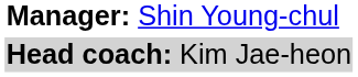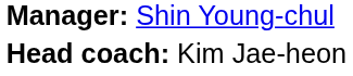 <table>
 <tr>
 <td><strong>Manager:</strong>  <a href='#'>Shin Young-chul</a></td>
 </tr>
 <tr>
-<td style="background: lightgrey;"><strong>Head coach:</strong>  Kim Jae-heon</td>
+<td><strong>Head coach:</strong>  Kim Jae-heon</td>
 </tr>
 </table>
